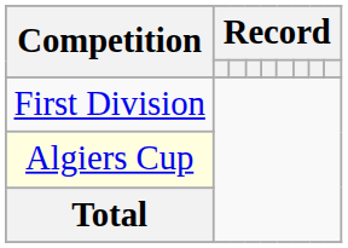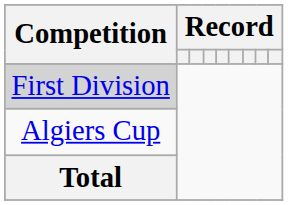 <table class="wikitable" style="text-align: center">
 <tr>
 <th rowspan=2>Competition</th>
 <th colspan=8>Record</th>
 </tr>
 <tr>
 <th></th>
 <th></th>
 <th></th>
 <th></th>
 <th></th>
 <th></th>
 <th></th>
 <th></th>
 </tr>
 <tr>
-<td><a href='#'>First Division</a><br></td>
+<td style="background: lightgrey;"><a href='#'>First Division</a><br></td>
 </tr>
 <tr>
-<td style="background: lightyellow;"><a href='#'>Algiers Cup</a><br></td>
+<td><a href='#'>Algiers Cup</a><br></td>
 </tr>
 <tr>
 <th>Total<br></th>
 </tr>
 </table>
